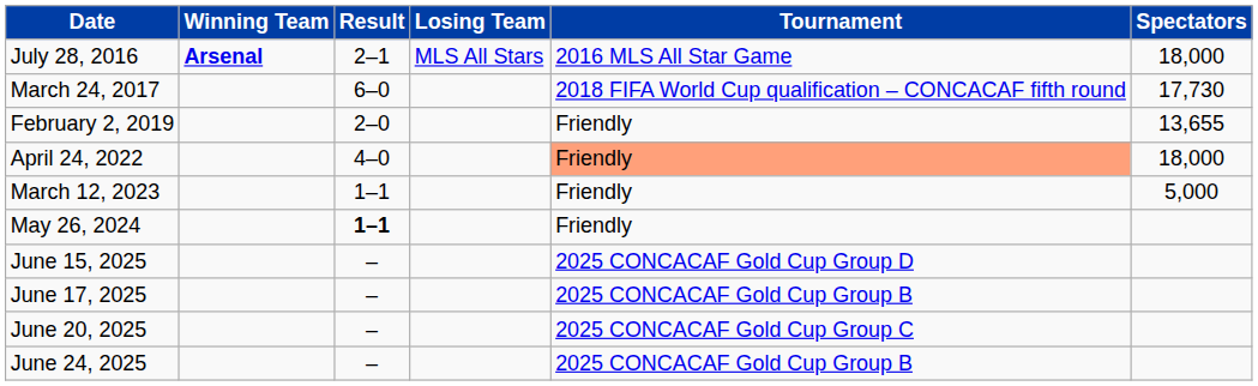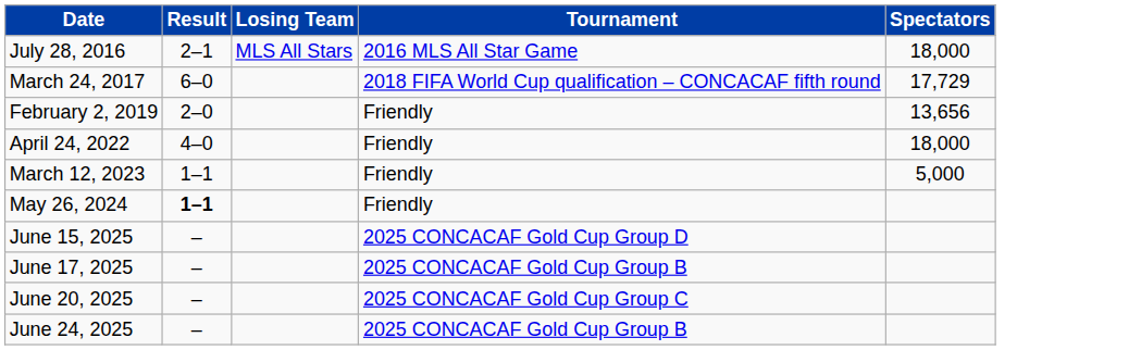 <table class="wikitable">
 <tr>
 <th style="text-align:center;  background:#003DA5; color:#FFFFFF; ">Date</th>
-<th style="text-align:center;  background:#003DA5; color:#FFFFFF; ">Winning Team</th>
 <th style="text-align:center; background:#003DA5; color:#FFFFFF; ">Result</th>
 <th style="text-align:center;  background:#003DA5; color:#FFFFFF; ">Losing Team</th>
 <th style="text-align:center;  background:#003DA5; color:#FFFFFF; ">Tournament</th>
 <th style="text-align:center; background:#003DA5; color:#FFFFFF; ">Spectators</th>
 </tr>
 <tr>
 <td>July 28, 2016</td>
-<td> <strong><a href='#'>Arsenal</a></strong></td>
 <td style="text-align:center;">2–1</td>
 <td> <a href='#'>MLS All Stars</a></td>
 <td><a href='#'>2016 MLS All Star Game</a></td>
 <td style="text-align:center;">18,000</td>
 </tr>
 <tr>
 <td>March 24, 2017</td>
-<td><strong></strong></td>
 <td style="text-align:center;">6–0</td>
 <td></td>
 <td><a href='#'>2018 FIFA World Cup qualification – CONCACAF fifth round</a></td>
-<td style="text-align:center;">17,730</td>
+<td style="text-align:center;">17,729</td>
 </tr>
 <tr>
 <td>February 2, 2019</td>
-<td><strong></strong></td>
 <td style="text-align:center;">2–0</td>
 <td></td>
 <td>Friendly</td>
-<td style="text-align:center;">13,655</td>
+<td style="text-align:center;">13,656</td>
 </tr>
 <tr>
 <td>April 24, 2022</td>
-<td><strong></strong></td>
 <td style="text-align:center;">4–0</td>
 <td></td>
-<td style="background: lightsalmon;">Friendly</td>
+<td>Friendly</td>
 <td style="text-align:center;">18,000</td>
 </tr>
 <tr>
 <td>March 12, 2023</td>
-<td></td>
 <td style="text-align:center;">1–1</td>
 <td></td>
 <td>Friendly</td>
 <td style="text-align:center;">5,000</td>
 </tr>
 <tr>
 <td>May 26, 2024</td>
-<td></td>
 <td style="text-align:center;"><strong>1–1</strong></td>
 <td></td>
 <td>Friendly</td>
 <td style="text-align:center;"></td>
 </tr>
 <tr>
 <td>June 15, 2025</td>
-<td></td>
 <td style="text-align:center;">–</td>
 <td></td>
 <td><a href='#'>2025 CONCACAF Gold Cup Group D</a></td>
 <td style="text-align:center;"></td>
 </tr>
 <tr>
 <td>June 17, 2025</td>
-<td></td>
 <td style="text-align:center;">–</td>
 <td></td>
 <td><a href='#'>2025 CONCACAF Gold Cup Group B</a></td>
 <td style="text-align:center;"></td>
 </tr>
 <tr>
 <td>June 20, 2025</td>
-<td></td>
 <td style="text-align:center;">–</td>
 <td></td>
 <td><a href='#'>2025 CONCACAF Gold Cup Group C</a></td>
 <td style="text-align:center;"></td>
 </tr>
 <tr>
 <td>June 24, 2025</td>
-<td></td>
 <td style="text-align:center;">–</td>
 <td></td>
 <td><a href='#'>2025 CONCACAF Gold Cup Group B</a></td>
 <td style="text-align:center;"></td>
 </tr>
 </table>
